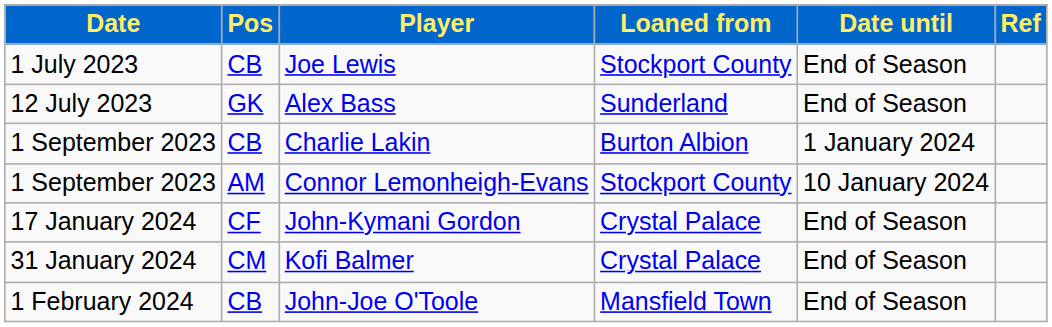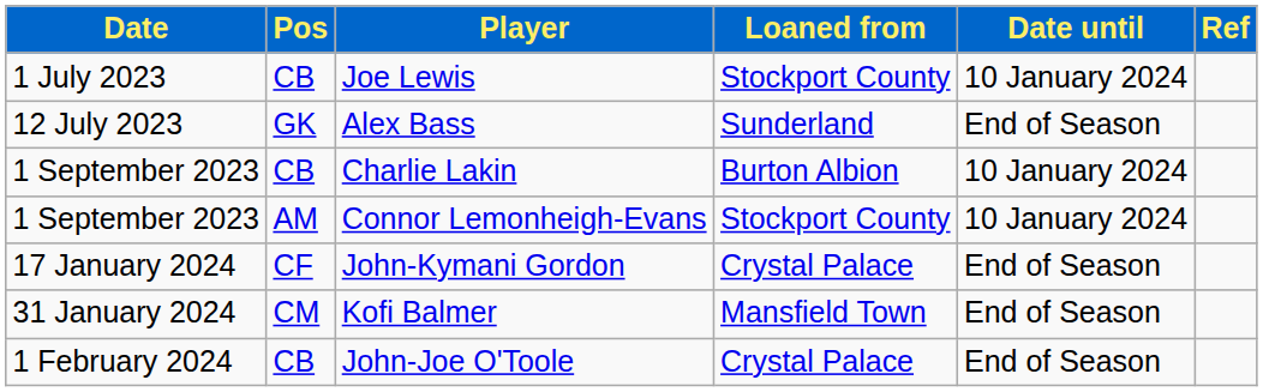 <table class="wikitable plainrowheaders sortable">
 <tr>
 <th style="background:#0066cb; color:#fe6; ">Date</th>
 <th style="background:#0066cb; color:#fe6; ">Pos</th>
 <th style="background:#0066cb; color:#fe6; ">Player</th>
 <th style="background:#0066cb; color:#fe6; ">Loaned from</th>
 <th style="background:#0066cb; color:#fe6; ">Date until</th>
 <th style="background:#0066cb; color:#fe6; ">Ref</th>
 </tr>
 <tr>
 <td>1 July 2023</td>
 <td><a href='#'>CB</a></td>
 <td> <a href='#'>Joe Lewis</a></td>
 <td> <a href='#'>Stockport County</a></td>
-<td>End of Season</td>
+<td>10 January 2024</td>
 <td></td>
 </tr>
 <tr>
 <td>12 July 2023</td>
 <td><a href='#'>GK</a></td>
 <td> <a href='#'>Alex Bass</a></td>
 <td> <a href='#'>Sunderland</a></td>
 <td>End of Season</td>
 <td></td>
 </tr>
 <tr>
 <td>1 September 2023</td>
 <td><a href='#'>CB</a></td>
 <td> <a href='#'>Charlie Lakin</a></td>
 <td> <a href='#'>Burton Albion</a></td>
-<td>1 January 2024</td>
+<td>10 January 2024</td>
 <td></td>
 </tr>
 <tr>
 <td>1 September 2023</td>
 <td><a href='#'>AM</a></td>
 <td> <a href='#'>Connor Lemonheigh-Evans</a></td>
 <td> <a href='#'>Stockport County</a></td>
 <td>10 January 2024</td>
 <td></td>
 </tr>
 <tr>
 <td>17 January 2024</td>
 <td><a href='#'>CF</a></td>
 <td> <a href='#'>John-Kymani Gordon</a></td>
 <td> <a href='#'>Crystal Palace</a></td>
 <td>End of Season</td>
 <td></td>
 </tr>
 <tr>
 <td>31 January 2024</td>
 <td><a href='#'>CM</a></td>
 <td> <a href='#'>Kofi Balmer</a></td>
-<td> <a href='#'>Crystal Palace</a></td>
+<td> <a href='#'>Mansfield Town</a></td>
 <td>End of Season</td>
 <td></td>
 </tr>
 <tr>
 <td>1 February 2024</td>
 <td><a href='#'>CB</a></td>
 <td> <a href='#'>John-Joe O'Toole</a></td>
-<td> <a href='#'>Mansfield Town</a></td>
+<td> <a href='#'>Crystal Palace</a></td>
 <td>End of Season</td>
 <td></td>
 </tr>
 </table>
